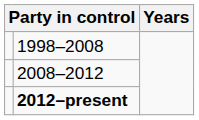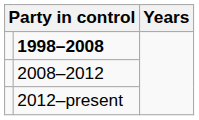 <table class="wikitable">
 <tr>
 <th colspan="2">Party in control</th>
 <th>Years</th>
 </tr>
 <tr>
 <td></td>
-<td>1998–2008</td>
+<td><strong>1998–2008</strong></td>
 </tr>
 <tr>
 <td></td>
 <td>2008–2012</td>
 </tr>
 <tr>
 <td></td>
-<td><strong>2012–present</strong></td>
+<td>2012–present</td>
 </tr>
 </table>
